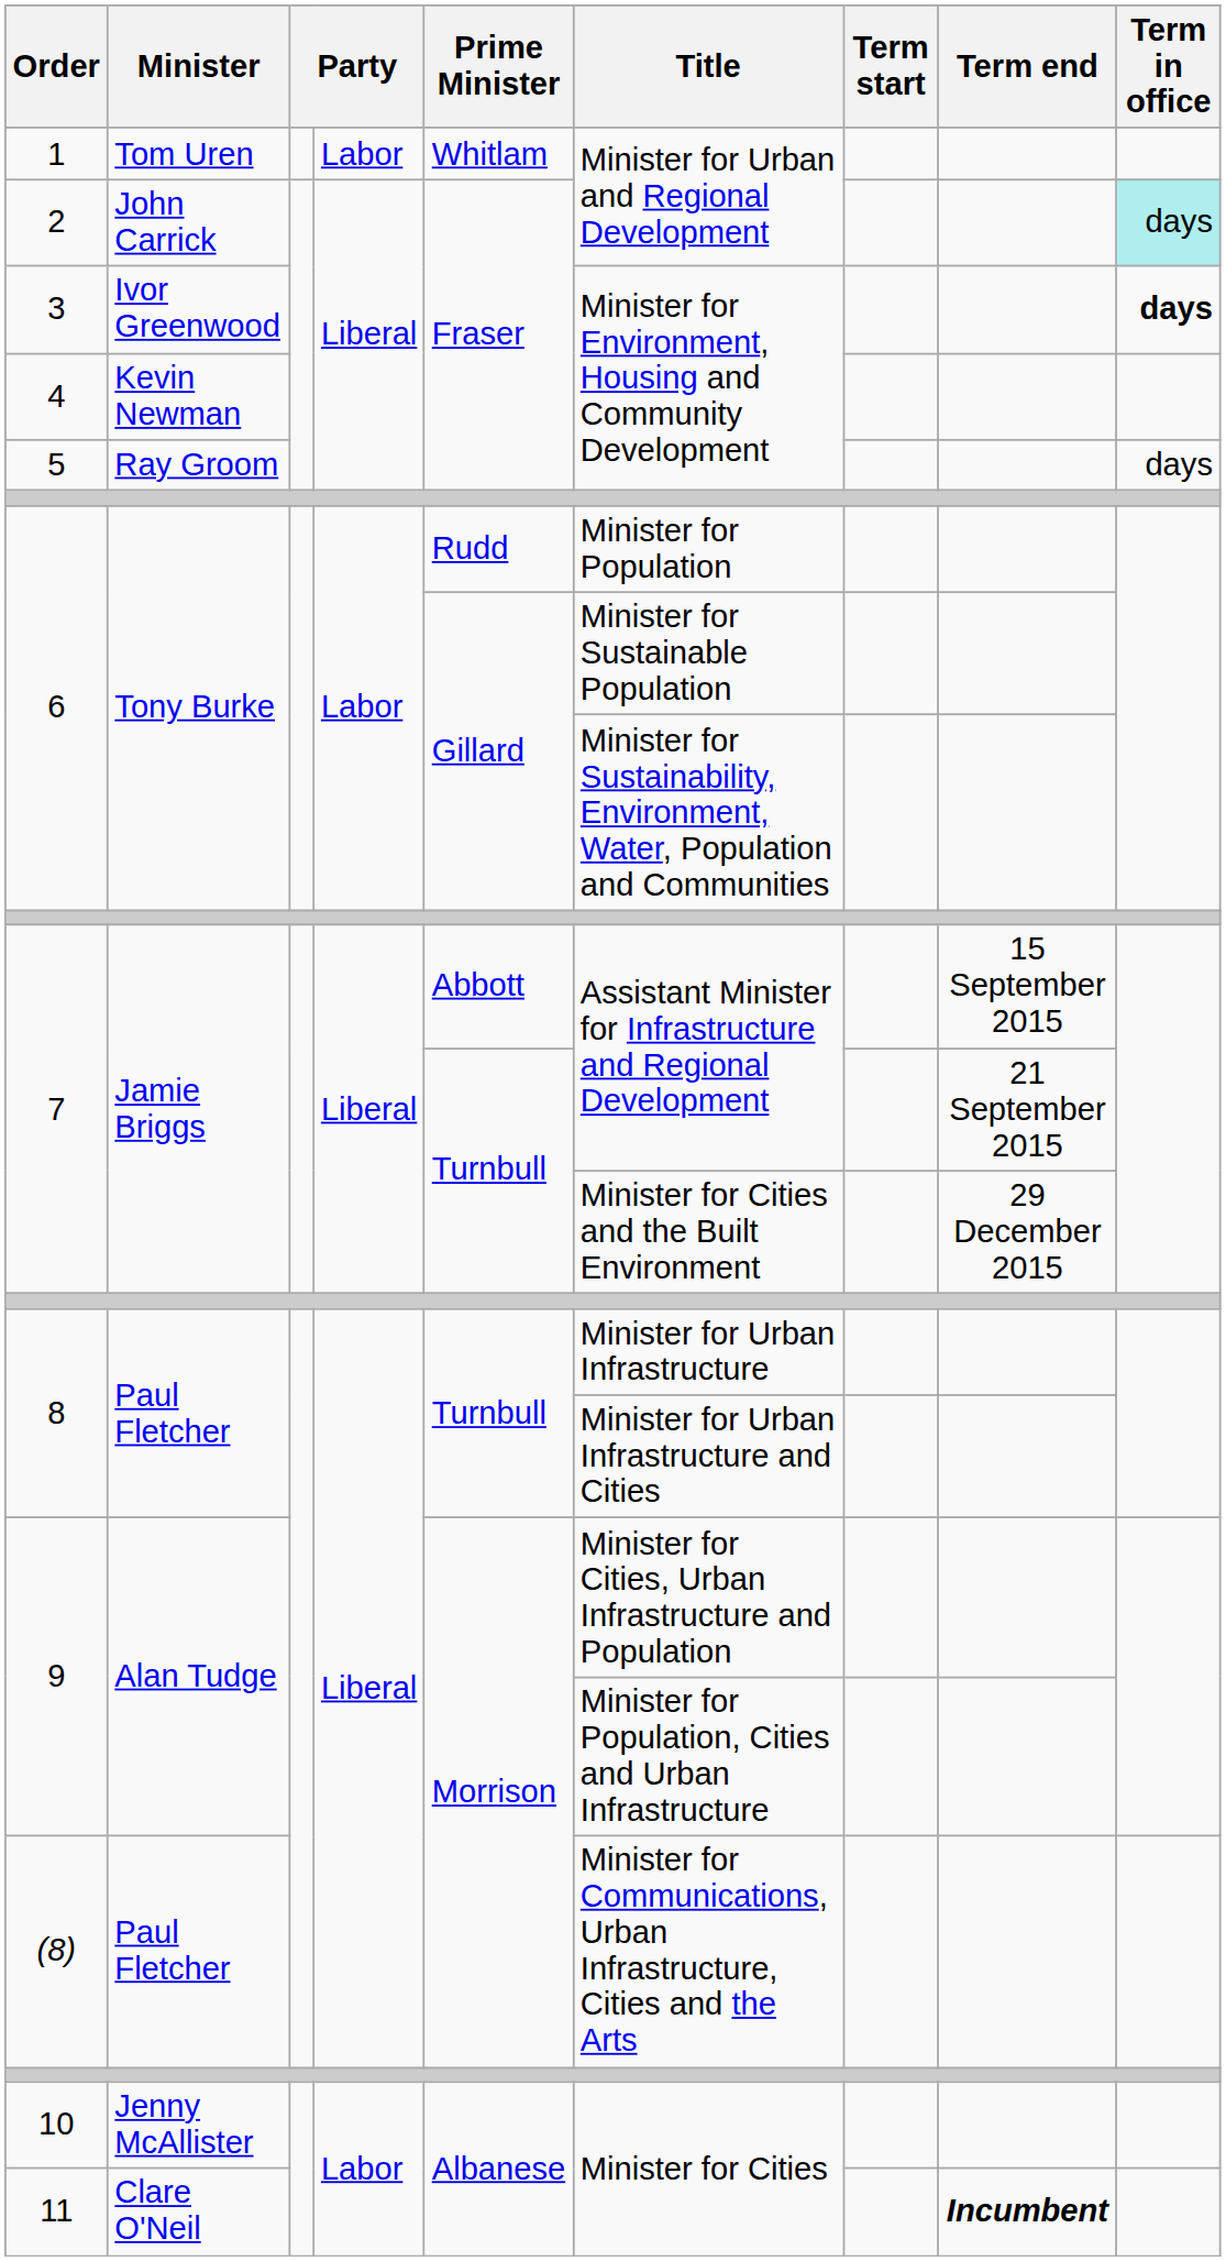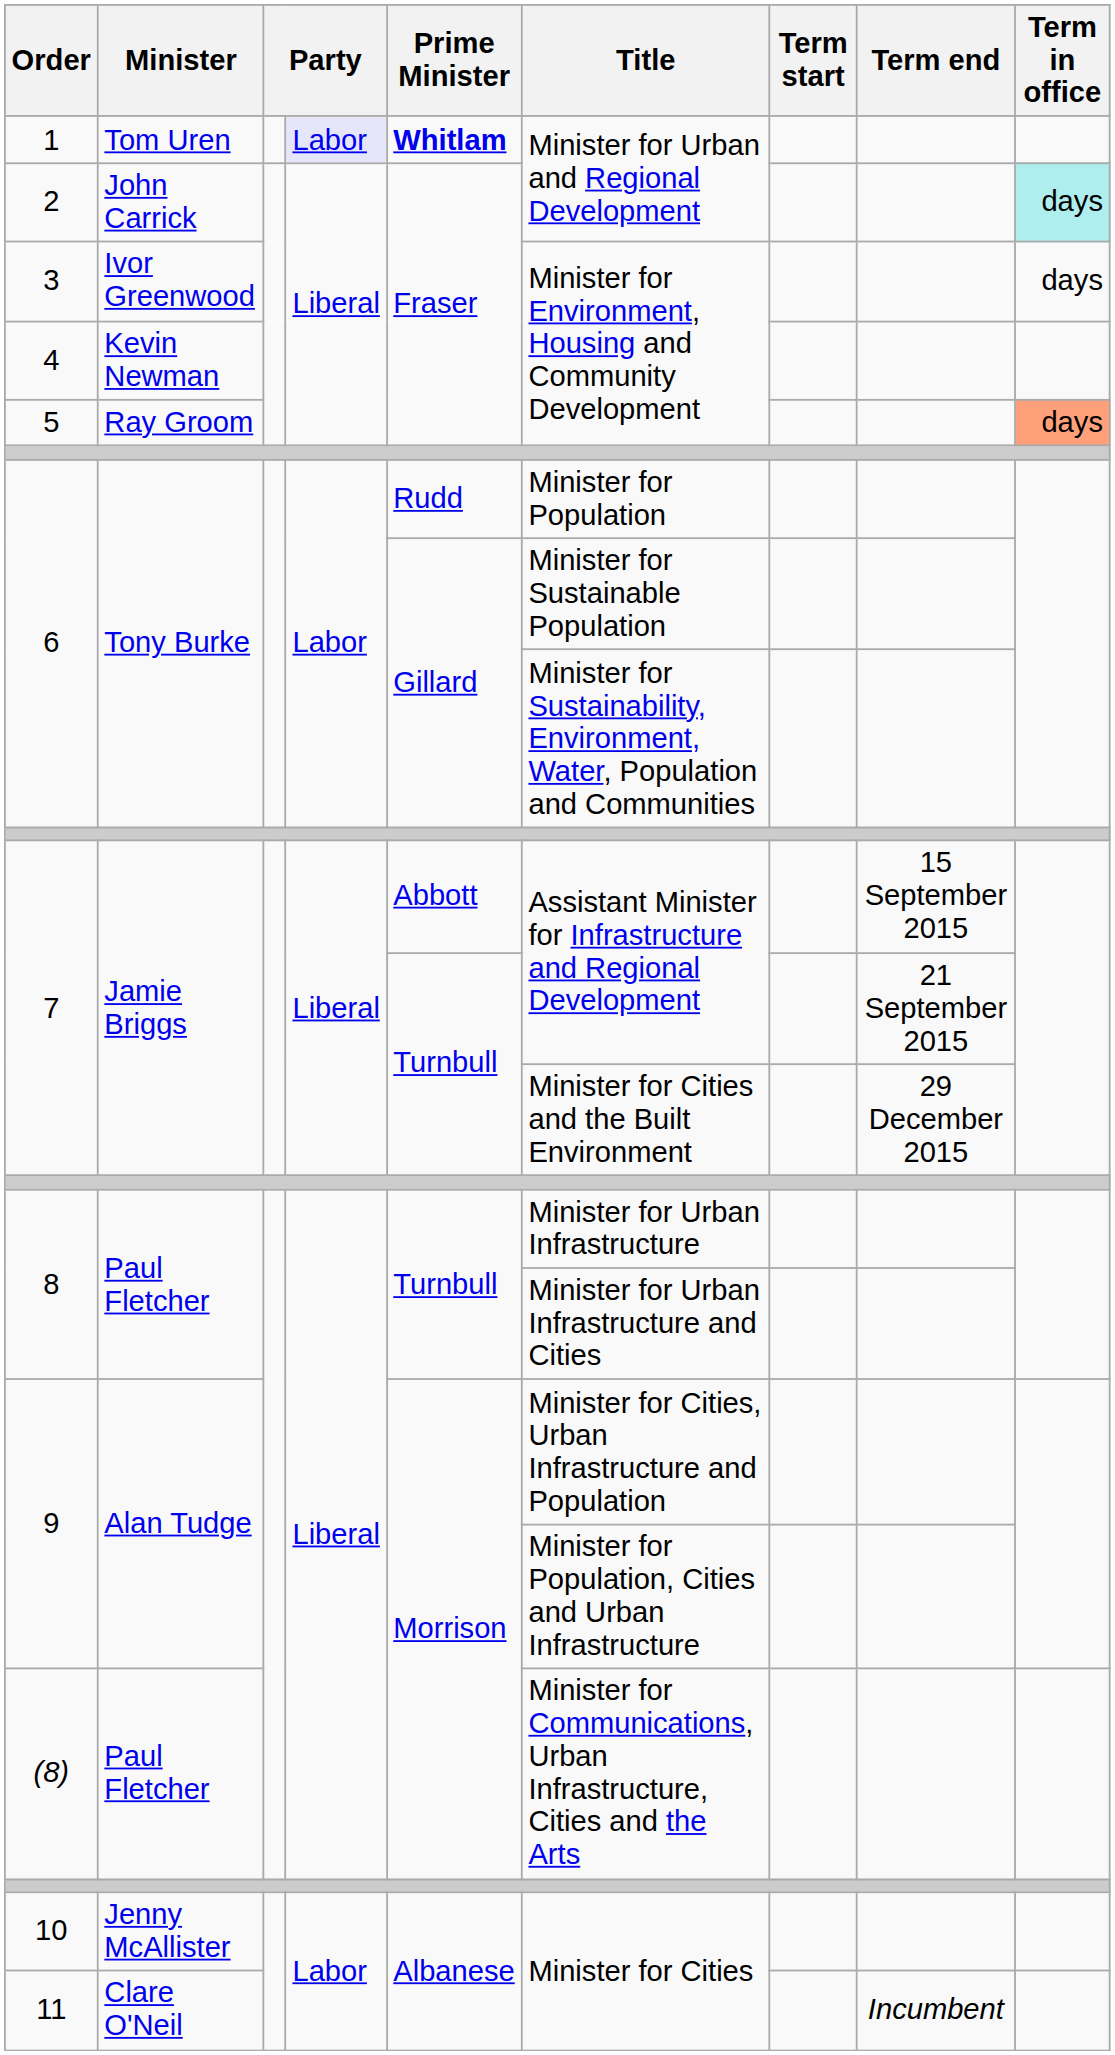 <table class="wikitable">
 <tr>
 <th width=5>Order</th>
 <th width=150>Minister</th>
 <th width=150 colspan="2">Party</th>
 <th width=75>Prime Minister</th>
 <th width=375>Title</th>
 <th width=150>Term start</th>
 <th width=150>Term end</th>
 <th width=130>Term in office</th>
 </tr>
 <tr>
 <td align=center>1</td>
 <td><a href='#'>Tom Uren</a></td>
 <td> </td>
-<td><a href='#'>Labor</a></td>
-<td><a href='#'>Whitlam</a></td>
+<td style="background: lavender;"><a href='#'>Labor</a></td>
+<td><strong><a href='#'>Whitlam</a></strong></td>
 <td rowspan=2>Minister for Urban and <a href='#'>Regional Development</a></td>
 <td align=center></td>
 <td align=center></td>
 <td align=right></td>
 </tr>
 <tr>
 <td align=center>2</td>
 <td><a href='#'>John Carrick</a></td>
 <td rowspan=4 ></td>
 <td rowspan=4><a href='#'>Liberal</a></td>
 <td rowspan=4><a href='#'>Fraser</a></td>
 <td align=center></td>
 <td align=center></td>
 <td align=right style="background: paleturquoise;"> days</td>
 </tr>
 <tr>
 <td align=center>3</td>
 <td><a href='#'>Ivor Greenwood</a></td>
 <td rowspan=3>Minister for <a href='#'>Environment</a>, <a href='#'>Housing</a> and Community Development</td>
 <td align=center></td>
 <td align=center></td>
-<td align=right><strong> days</strong></td>
+<td align=right> days</td>
 </tr>
 <tr>
 <td align=center>4</td>
 <td><a href='#'>Kevin Newman</a></td>
 <td align=center></td>
 <td align=center></td>
 <td align=right></td>
 </tr>
 <tr>
 <td align=center>5</td>
 <td><a href='#'>Ray Groom</a></td>
 <td align=center></td>
 <td align=center></td>
-<td align=right> days</td>
+<td align=right style="background: lightsalmon;"> days</td>
 </tr>
 <tr>
 <th colspan=9 style="background: #cccccc;"></th>
 </tr>
 <tr>
 <td rowspan=3 align=center>6</td>
 <td rowspan=3><a href='#'>Tony Burke</a></td>
 <td rowspan="3" > </td>
 <td rowspan=3><a href='#'>Labor</a></td>
 <td><a href='#'>Rudd</a></td>
 <td>Minister for Population</td>
 <td align=center></td>
 <td align=center></td>
 <td rowspan=3 align=right><strong></strong></td>
 </tr>
 <tr>
 <td rowspan=2><a href='#'>Gillard</a></td>
 <td>Minister for Sustainable Population</td>
 <td align=center></td>
 <td align=center></td>
 </tr>
 <tr>
 <td>Minister for <a href='#'>Sustainability, Environment, Water</a>, Population and Communities</td>
 <td align=center></td>
 <td align=center></td>
 </tr>
 <tr>
 <th colspan=9 style="background: #cccccc;"></th>
 </tr>
 <tr>
 <td rowspan=3 align=center>7</td>
 <td rowspan=3><a href='#'>Jamie Briggs</a></td>
 <td rowspan="3" ></td>
 <td rowspan=3><a href='#'>Liberal</a></td>
 <td><a href='#'>Abbott</a></td>
 <td rowspan=2>Assistant Minister for <a href='#'>Infrastructure and Regional Development</a></td>
 <td align=center></td>
 <td align=center>15 September 2015</td>
 <td rowspan=3 align=right></td>
 </tr>
 <tr>
 <td rowspan=2><a href='#'>Turnbull</a></td>
 <td align=center></td>
 <td align=center>21 September 2015</td>
 </tr>
 <tr>
 <td>Minister for Cities and the Built Environment</td>
 <td align=center></td>
 <td align=center>29 December 2015</td>
 </tr>
 <tr>
 <th colspan=9 style="background: #cccccc;"></th>
 </tr>
 <tr>
 <td align=center rowspan=2>8</td>
 <td rowspan=2><a href='#'>Paul Fletcher</a></td>
 <td rowspan="5" ></td>
 <td rowspan=5><a href='#'>Liberal</a></td>
 <td rowspan=2><a href='#'>Turnbull</a></td>
 <td>Minister for Urban Infrastructure</td>
 <td align=center></td>
 <td align=center></td>
 <td align=right rowspan=2></td>
 </tr>
 <tr>
 <td>Minister for Urban Infrastructure and Cities</td>
 <td align=center></td>
 <td align=center></td>
 </tr>
 <tr>
 <td align=center rowspan=2>9</td>
 <td rowspan=2><a href='#'>Alan Tudge</a></td>
 <td rowspan=3><a href='#'>Morrison</a></td>
 <td>Minister for Cities, Urban Infrastructure and Population</td>
 <td align=center></td>
 <td align=center></td>
 <td align=right rowspan=2></td>
 </tr>
 <tr>
 <td>Minister for Population, Cities and Urban Infrastructure</td>
 <td align=center></td>
 <td align=center></td>
 </tr>
 <tr>
 <td align=center><em>(8)</em></td>
 <td><a href='#'>Paul Fletcher</a></td>
 <td>Minister for <a href='#'>Communications</a>, Urban Infrastructure, Cities and <a href='#'>the Arts</a></td>
 <td align=center></td>
 <td align=center></td>
 <td align=right></td>
 </tr>
 <tr>
 <th colspan=9 style="background: #cccccc;"></th>
 </tr>
 <tr>
 <td align=center>10</td>
 <td><a href='#'>Jenny McAllister</a></td>
 <td rowspan=2 > </td>
 <td rowspan=2><a href='#'>Labor</a></td>
 <td rowspan=2><a href='#'>Albanese</a></td>
 <td rowspan=2>Minister for Cities</td>
 <td align=center></td>
 <td align=center></td>
 <td align=right></td>
 </tr>
 <tr>
 <td align=center>11</td>
 <td><a href='#'>Clare O'Neil</a></td>
 <td align=center></td>
-<td align=center><strong><em>Incumbent</em></strong></td>
+<td align=center><em>Incumbent</em></td>
 <td align=right></td>
 </tr>
 </table>
